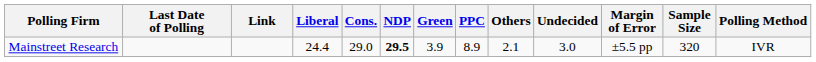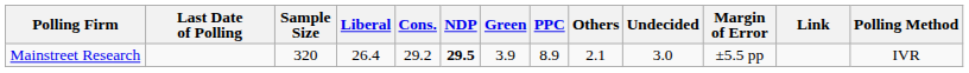 <table class="wikitable sortable" style="text-align:center;font-size:90%;line-height:14px;">
 <tr style="background:#e9e9e9;">
 <th style="width:120px">Polling Firm</th>
 <th style="width:110px">Last Date<br>of Polling</th>
-<th style="width:60px" class="unsortable">Link</th>
+<th style="width:50px;" class=unsortable>Sample<br>Size</th>
 <th style="background-color:"><a href='#'>Liberal</a></th>
 <th style="background-color:"><a href='#'>Cons.</a></th>
 <th style="background-color:"><a href='#'>NDP</a></th>
 <th style="background-color:"><a href='#'>Green</a></th>
 <th style="background-color:"><a href='#'><span>PPC</span></a></th>
 <th style="background-color:">Others</th>
 <th style="background-color:">Undecided</th>
 <th style="width:60px;" class=unsortable>Margin<br>of Error</th>
-<th style="width:50px;" class=unsortable>Sample<br>Size</th>
+<th style="width:60px" class="unsortable">Link</th>
 <th class=unsortable>Polling Method</th>
 </tr>
 <tr>
 <td><a href='#'>Mainstreet Research</a></td>
 <td></td>
-<td></td>
-<td>24.4</td>
-<td>29.0</td>
+<td>320</td>
+<td>26.4</td>
+<td>29.2</td>
 <td><strong>29.5</strong></td>
 <td>3.9</td>
 <td>8.9</td>
 <td>2.1</td>
 <td>3.0</td>
 <td>±5.5 pp</td>
-<td>320</td>
+<td></td>
 <td>IVR</td>
 </tr>
 </table>
